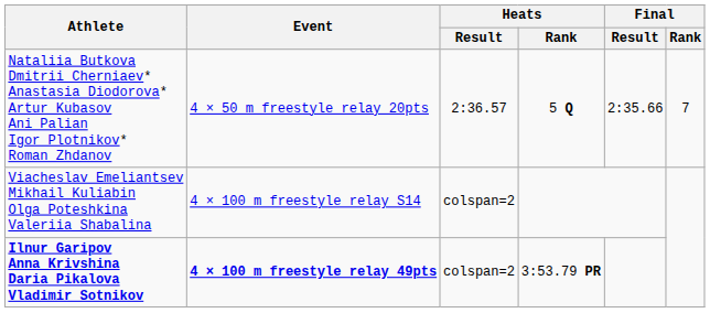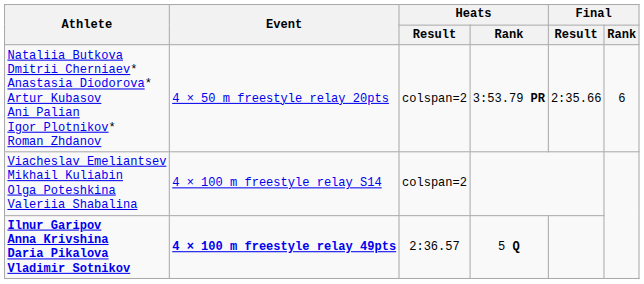 <table class=wikitable style="text-align:center; font-size:90%">
 <tr>
 <th rowspan=2>Athlete</th>
 <th rowspan=2>Event</th>
 <th colspan=2>Heats</th>
 <th colspan=2>Final</th>
 </tr>
 <tr>
 <th>Result</th>
 <th>Rank</th>
 <th>Result</th>
 <th>Rank</th>
 </tr>
 <tr>
 <td align=left><a href='#'>Nataliia Butkova</a><br><a href='#'>Dmitrii Cherniaev</a>*<br><a href='#'>Anastasia Diodorova</a>*<br><a href='#'>Artur Kubasov</a><br><a href='#'>Ani Palian</a><br><a href='#'>Igor Plotnikov</a>*<br><a href='#'>Roman Zhdanov</a></td>
 <td align=left><a href='#'>4 × 50 m freestyle relay 20pts</a></td>
-<td>2:36.57</td>
-<td>5 <strong>Q</strong></td>
+<td>colspan=2 </td>
+<td>3:53.79 <strong>PR</strong></td>
 <td>2:35.66</td>
-<td>7</td>
+<td>6</td>
 </tr>
 <tr>
 <td align=left><a href='#'>Viacheslav Emeliantsev</a><br><a href='#'>Mikhail Kuliabin</a><br><a href='#'>Olga Poteshkina</a><br><a href='#'>Valeriia Shabalina</a></td>
 <td align=left><a href='#'>4 × 100 m freestyle relay S14</a></td>
 <td>colspan=2 </td>
 <td colspan=2></td>
 </tr>
 <tr>
 <td align=left><strong><a href='#'>Ilnur Garipov</a><br><a href='#'>Anna Krivshina</a><br><a href='#'>Daria Pikalova</a><br><a href='#'>Vladimir Sotnikov</a></strong></td>
 <td align=left><strong><a href='#'>4 × 100 m freestyle relay 49pts</a></strong></td>
-<td>colspan=2 </td>
-<td>3:53.79 <strong>PR</strong></td>
+<td>2:36.57</td>
+<td>5 <strong>Q</strong></td>
 <td></td>
 </tr>
 </table>
